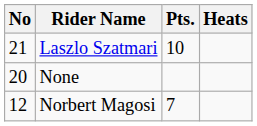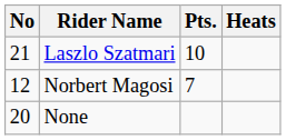 <table class="wikitable">
 <tr style="background-color:">
 <th>No</th>
 <th>Rider Name</th>
 <th>Pts.</th>
 <th>Heats</th>
 </tr>
 <tr>
 <td>21</td>
 <td><a href='#'>Laszlo Szatmari</a></td>
 <td>10</td>
 <td></td>
 </tr>
 <tr>
+<td>12</td>
+<td>Norbert Magosi</td>
+<td>7</td>
+<td></td>
+</tr>
+<tr>
 <td>20</td>
 <td>None</td>
 <td></td>
 <td></td>
 </tr>
-<tr>
-<td>12</td>
-<td>Norbert Magosi</td>
-<td>7</td>
-<td></td>
-</tr>
 </table>
